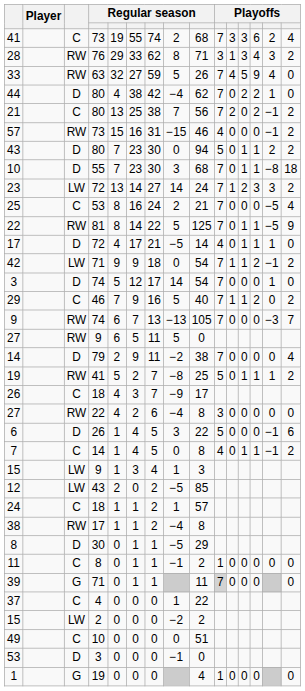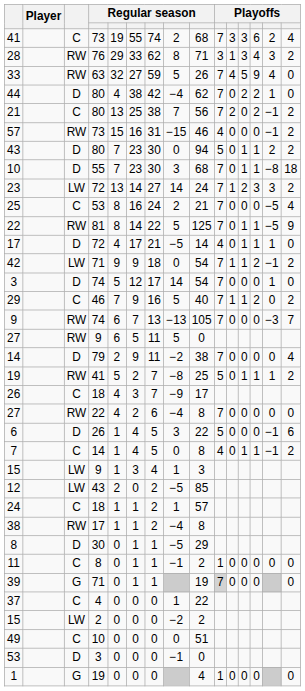 <table class="wikitable sortable plainrowheaders" style="text-align:center;">
 <tr>
 <th scope="col" data-sort-type="number" rowspan="2"></th>
 <th scope="col" rowspan="2">Player</th>
 <th scope="col" rowspan="2"></th>
 <th scope=colgroup colspan=6>Regular season</th>
 <th scope=colgroup colspan=6>Playoffs</th>
 </tr>
 <tr>
 <th scope="col" data-sort-type="number"></th>
 <th scope="col" data-sort-type="number"></th>
 <th scope="col" data-sort-type="number"></th>
 <th scope="col" data-sort-type="number"></th>
 <th scope="col" data-sort-type="number"></th>
 <th scope="col" data-sort-type="number"></th>
 <th scope="col" data-sort-type="number"></th>
 <th scope="col" data-sort-type="number"></th>
 <th scope="col" data-sort-type="number"></th>
 <th scope="col" data-sort-type="number"></th>
 <th scope="col" data-sort-type="number"></th>
 <th scope="col" data-sort-type="number"></th>
 </tr>
 <tr>
 <td scope="row">41</td>
 <td align="left"></td>
 <td>C</td>
 <td>73</td>
 <td>19</td>
 <td>55</td>
 <td>74</td>
 <td>2</td>
 <td>68</td>
 <td>7</td>
 <td>3</td>
 <td>3</td>
 <td>6</td>
 <td>2</td>
 <td>4</td>
 </tr>
 <tr>
 <td scope="row">28</td>
 <td align="left"></td>
 <td>RW</td>
 <td>76</td>
 <td>29</td>
 <td>33</td>
 <td>62</td>
 <td>8</td>
 <td>71</td>
 <td>3</td>
 <td>1</td>
 <td>3</td>
 <td>4</td>
 <td>3</td>
 <td>2</td>
 </tr>
 <tr>
 <td scope="row">33</td>
 <td align="left"></td>
 <td>RW</td>
 <td>63</td>
 <td>32</td>
 <td>27</td>
 <td>59</td>
 <td>5</td>
 <td>26</td>
 <td>7</td>
 <td>4</td>
 <td>5</td>
 <td>9</td>
 <td>4</td>
 <td>0</td>
 </tr>
 <tr>
 <td scope="row">44</td>
 <td align="left"></td>
 <td>D</td>
 <td>80</td>
 <td>4</td>
 <td>38</td>
 <td>42</td>
 <td>−4</td>
 <td>62</td>
 <td>7</td>
 <td>0</td>
 <td>2</td>
 <td>2</td>
 <td>1</td>
 <td>0</td>
 </tr>
 <tr>
 <td scope="row">21</td>
 <td align="left"></td>
 <td>C</td>
 <td>80</td>
 <td>13</td>
 <td>25</td>
 <td>38</td>
 <td>7</td>
 <td>56</td>
 <td>7</td>
 <td>2</td>
 <td>0</td>
 <td>2</td>
 <td>−1</td>
 <td>2</td>
 </tr>
 <tr>
 <td scope="row">57</td>
 <td align="left"></td>
 <td>RW</td>
 <td>73</td>
 <td>15</td>
 <td>16</td>
 <td>31</td>
 <td>−15</td>
 <td>46</td>
 <td>4</td>
 <td>0</td>
 <td>0</td>
 <td>0</td>
 <td>−1</td>
 <td>2</td>
 </tr>
 <tr>
 <td scope="row">43</td>
 <td align="left"></td>
 <td>D</td>
 <td>80</td>
 <td>7</td>
 <td>23</td>
 <td>30</td>
 <td>0</td>
 <td>94</td>
 <td>5</td>
 <td>0</td>
 <td>1</td>
 <td>1</td>
 <td>2</td>
 <td>2</td>
 </tr>
 <tr>
 <td scope="row">10</td>
 <td align="left"></td>
 <td>D</td>
 <td>55</td>
 <td>7</td>
 <td>23</td>
 <td>30</td>
 <td>3</td>
 <td>68</td>
 <td>7</td>
 <td>0</td>
 <td>1</td>
 <td>1</td>
 <td>−8</td>
 <td>18</td>
 </tr>
 <tr>
 <td scope="row">23</td>
 <td align="left"></td>
 <td>LW</td>
 <td>72</td>
 <td>13</td>
 <td>14</td>
 <td>27</td>
 <td>14</td>
 <td>24</td>
 <td>7</td>
 <td>1</td>
 <td>2</td>
 <td>3</td>
 <td>3</td>
 <td>2</td>
 </tr>
 <tr>
 <td scope="row">25</td>
 <td align="left"></td>
 <td>C</td>
 <td>53</td>
 <td>8</td>
 <td>16</td>
 <td>24</td>
 <td>2</td>
 <td>21</td>
 <td>7</td>
 <td>0</td>
 <td>0</td>
 <td>0</td>
 <td>−5</td>
 <td>4</td>
 </tr>
 <tr>
 <td scope="row">22</td>
 <td align="left"></td>
 <td>RW</td>
 <td>81</td>
 <td>8</td>
 <td>14</td>
 <td>22</td>
 <td>5</td>
 <td>125</td>
 <td>7</td>
 <td>0</td>
 <td>1</td>
 <td>1</td>
 <td>−5</td>
 <td>9</td>
 </tr>
 <tr>
 <td scope="row">17</td>
 <td align="left"></td>
 <td>D</td>
 <td>72</td>
 <td>4</td>
 <td>17</td>
 <td>21</td>
 <td>−5</td>
 <td>14</td>
 <td>4</td>
 <td>0</td>
 <td>1</td>
 <td>1</td>
 <td>1</td>
 <td>0</td>
 </tr>
 <tr>
 <td scope="row">42</td>
 <td align="left"></td>
 <td>LW</td>
 <td>71</td>
 <td>9</td>
 <td>9</td>
 <td>18</td>
 <td>0</td>
 <td>54</td>
 <td>7</td>
 <td>1</td>
 <td>1</td>
 <td>2</td>
 <td>−1</td>
 <td>2</td>
 </tr>
 <tr>
 <td scope="row">3</td>
 <td align="left"></td>
 <td>D</td>
 <td>74</td>
 <td>5</td>
 <td>12</td>
 <td>17</td>
 <td>14</td>
 <td>54</td>
 <td>7</td>
 <td>0</td>
 <td>0</td>
 <td>0</td>
 <td>1</td>
 <td>0</td>
 </tr>
 <tr>
 <td scope="row">29</td>
 <td align="left"></td>
 <td>C</td>
 <td>46</td>
 <td>7</td>
 <td>9</td>
 <td>16</td>
 <td>5</td>
 <td>40</td>
 <td>7</td>
 <td>1</td>
 <td>1</td>
 <td>2</td>
 <td>0</td>
 <td>2</td>
 </tr>
 <tr>
 <td scope="row">9</td>
 <td align="left"></td>
 <td>RW</td>
 <td>74</td>
 <td>6</td>
 <td>7</td>
 <td>13</td>
 <td>−13</td>
 <td>105</td>
 <td>7</td>
 <td>0</td>
 <td>0</td>
 <td>0</td>
 <td>−3</td>
 <td>7</td>
 </tr>
 <tr>
 <td scope="row">27</td>
 <td align="left"></td>
 <td>RW</td>
 <td>9</td>
 <td>6</td>
 <td>5</td>
 <td>11</td>
 <td>5</td>
 <td>0</td>
 <td></td>
 <td></td>
 <td></td>
 <td></td>
 <td></td>
 <td></td>
 </tr>
 <tr>
 <td scope="row">14</td>
 <td align="left"></td>
 <td>D</td>
 <td>79</td>
 <td>2</td>
 <td>9</td>
 <td>11</td>
 <td>−2</td>
 <td>38</td>
 <td>7</td>
 <td>0</td>
 <td>0</td>
 <td>0</td>
 <td>0</td>
 <td>4</td>
 </tr>
 <tr>
 <td scope="row">19</td>
 <td align="left"></td>
 <td>RW</td>
 <td>41</td>
 <td>5</td>
 <td>2</td>
 <td>7</td>
 <td>−8</td>
 <td>25</td>
 <td>5</td>
 <td>0</td>
 <td>1</td>
 <td>1</td>
 <td>1</td>
 <td>2</td>
 </tr>
 <tr>
 <td scope="row">26</td>
 <td align="left"></td>
 <td>C</td>
 <td>18</td>
 <td>4</td>
 <td>3</td>
 <td>7</td>
 <td>−9</td>
 <td>17</td>
 <td></td>
 <td></td>
 <td></td>
 <td></td>
 <td></td>
 <td></td>
 </tr>
 <tr>
 <td scope="row">27</td>
 <td align="left"></td>
 <td>RW</td>
 <td>22</td>
 <td>4</td>
 <td>2</td>
 <td>6</td>
 <td>−4</td>
 <td>8</td>
-<td>3</td>
+<td>7</td>
 <td>0</td>
 <td>0</td>
 <td>0</td>
 <td>0</td>
 <td>0</td>
 </tr>
 <tr>
 <td scope="row">6</td>
 <td align="left"></td>
 <td>D</td>
 <td>26</td>
 <td>1</td>
 <td>4</td>
 <td>5</td>
 <td>3</td>
 <td>22</td>
 <td>5</td>
 <td>0</td>
 <td>0</td>
 <td>0</td>
 <td>−1</td>
 <td>6</td>
 </tr>
 <tr>
 <td scope="row">7</td>
 <td align="left"></td>
 <td>C</td>
 <td>14</td>
 <td>1</td>
 <td>4</td>
 <td>5</td>
 <td>0</td>
 <td>8</td>
 <td>4</td>
 <td>0</td>
 <td>1</td>
 <td>1</td>
 <td>−1</td>
 <td>2</td>
 </tr>
 <tr>
 <td scope="row">15</td>
 <td align="left"></td>
 <td>LW</td>
 <td>9</td>
 <td>1</td>
 <td>3</td>
 <td>4</td>
 <td>1</td>
 <td>3</td>
 <td></td>
 <td></td>
 <td></td>
 <td></td>
 <td></td>
 <td></td>
 </tr>
 <tr>
 <td scope="row">12</td>
 <td align="left"></td>
 <td>LW</td>
 <td>43</td>
 <td>2</td>
 <td>0</td>
 <td>2</td>
 <td>−5</td>
 <td>85</td>
 <td></td>
 <td></td>
 <td></td>
 <td></td>
 <td></td>
 <td></td>
 </tr>
 <tr>
 <td scope="row">24</td>
 <td align="left"></td>
 <td>C</td>
 <td>18</td>
 <td>1</td>
 <td>1</td>
 <td>2</td>
 <td>1</td>
 <td>57</td>
 <td></td>
 <td></td>
 <td></td>
 <td></td>
 <td></td>
 <td></td>
 </tr>
 <tr>
 <td scope="row">38</td>
 <td align="left"></td>
 <td>RW</td>
 <td>17</td>
 <td>1</td>
 <td>1</td>
 <td>2</td>
 <td>−4</td>
 <td>8</td>
 <td></td>
 <td></td>
 <td></td>
 <td></td>
 <td></td>
 <td></td>
 </tr>
 <tr>
 <td scope="row">8</td>
 <td align="left"></td>
 <td>D</td>
 <td>30</td>
 <td>0</td>
 <td>1</td>
 <td>1</td>
 <td>−5</td>
 <td>29</td>
 <td></td>
 <td></td>
 <td></td>
 <td></td>
 <td></td>
 <td></td>
 </tr>
 <tr>
 <td scope="row">11</td>
 <td align="left"></td>
 <td>C</td>
 <td>8</td>
 <td>0</td>
 <td>1</td>
 <td>1</td>
 <td>−1</td>
 <td>2</td>
 <td>1</td>
 <td>0</td>
 <td>0</td>
 <td>0</td>
 <td>0</td>
 <td>0</td>
 </tr>
 <tr>
 <td scope="row">39</td>
 <td align="left"></td>
 <td>G</td>
 <td>71</td>
 <td>0</td>
 <td>1</td>
 <td>1</td>
 <td style="background:#ccc"></td>
-<td>11</td>
+<td>19</td>
 <td style="background: lightgrey;">7</td>
 <td>0</td>
 <td>0</td>
 <td>0</td>
 <td style="background:#ccc"></td>
 <td>0</td>
 </tr>
 <tr>
 <td scope="row">37</td>
 <td align="left"></td>
 <td>C</td>
 <td>4</td>
 <td>0</td>
 <td>0</td>
 <td>0</td>
 <td>1</td>
 <td>22</td>
 <td></td>
 <td></td>
 <td></td>
 <td></td>
 <td></td>
 <td></td>
 </tr>
 <tr>
 <td scope="row">15</td>
 <td align="left"></td>
 <td>LW</td>
 <td>2</td>
 <td>0</td>
 <td>0</td>
 <td>0</td>
 <td>−2</td>
 <td>2</td>
 <td></td>
 <td></td>
 <td></td>
 <td></td>
 <td></td>
 <td></td>
 </tr>
 <tr>
 <td scope="row">49</td>
 <td align="left"></td>
 <td>C</td>
 <td>10</td>
 <td>0</td>
 <td>0</td>
 <td>0</td>
 <td>0</td>
 <td>51</td>
 <td></td>
 <td></td>
 <td></td>
 <td></td>
 <td></td>
 <td></td>
 </tr>
 <tr>
 <td scope="row">53</td>
 <td align="left"></td>
 <td>D</td>
 <td>3</td>
 <td>0</td>
 <td>0</td>
 <td>0</td>
 <td>−1</td>
 <td>0</td>
 <td></td>
 <td></td>
 <td></td>
 <td></td>
 <td></td>
 <td></td>
 </tr>
 <tr>
 <td scope="row">1</td>
 <td align="left"></td>
 <td>G</td>
 <td>19</td>
 <td>0</td>
 <td>0</td>
 <td>0</td>
 <td style="background:#ccc"></td>
 <td>4</td>
 <td>1</td>
 <td>0</td>
 <td>0</td>
 <td>0</td>
 <td style="background:#ccc"></td>
 <td>0</td>
 </tr>
 </table>
